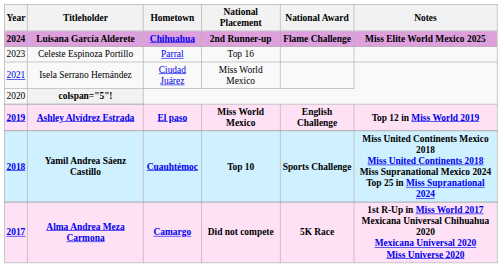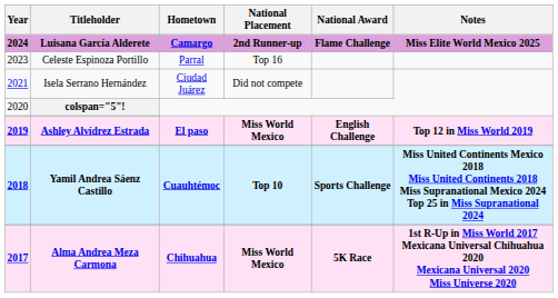 <table class="wikitable" style="text-align:center; font-size:95%; width:90%;">
 <tr>
 <th>Year</th>
 <th>Titleholder</th>
 <th>Hometown</th>
 <th>National Placement</th>
 <th>National Award</th>
 <th>Notes</th>
 </tr>
 <tr style="background-color:#DDA0DD; font-weight: bold">
 <td>2024</td>
 <td>Luisana García Alderete</td>
-<td><a href='#'>Chihuahua</a></td>
+<td><a href='#'>Camargo</a></td>
 <td>2nd Runner-up</td>
 <td>Flame Challenge</td>
 <td>Miss Elite World Mexico 2025</td>
 </tr>
 <tr>
 <td>2023</td>
 <td>Celeste Espinoza Portillo</td>
 <td><a href='#'>Parral</a></td>
 <td>Top 16</td>
 <td></td>
 <td></td>
 </tr>
 <tr>
 <td><a href='#'>2021</a></td>
 <td>Isela Serrano Hernández</td>
 <td><a href='#'>Ciudad Juárez</a></td>
-<td>Miss World Mexico</td>
+<td>Did not compete</td>
 <td></td>
 </tr>
 <tr>
 <td>2020</td>
 <th>colspan="5"!</th>
 </tr>
 <tr>
 </tr>
 <tr style="background-color:#FFE1F5; font-weight: bold">
 <td><a href='#'>2019</a></td>
 <td><a href='#'>Ashley Alvídrez Estrada</a></td>
 <td><a href='#'>El paso</a></td>
 <td>Miss World Mexico</td>
 <td>English Challenge</td>
 <td>Top 12 in <a href='#'>Miss World 2019</a></td>
 </tr>
 <tr>
 </tr>
 <tr style="background-color:#CFF0FF; font-weight: bold">
 <td><a href='#'>2018</a></td>
 <td>Yamil Andrea Sáenz Castillo</td>
 <td><a href='#'>Cuauhtémoc</a></td>
 <td>Top 10</td>
 <td>Sports Challenge</td>
 <td>Miss United Continents Mexico 2018<br><a href='#'>Miss United Continents 2018</a><br>Miss Supranational Mexico 2024<br>Top 25 in <a href='#'>Miss Supranational 2024</a></td>
 </tr>
 <tr>
 </tr>
 <tr style="background-color:#FFE1F5; font-weight: bold">
 <td><a href='#'>2017</a></td>
 <td><a href='#'>Alma Andrea Meza Carmona</a></td>
-<td><a href='#'>Camargo</a></td>
-<td>Did not compete</td>
+<td><a href='#'>Chihuahua</a></td>
+<td>Miss World Mexico</td>
 <td>5K Race</td>
 <td>1st R-Up in <a href='#'>Miss World 2017</a><br>Mexicana Universal Chihuahua 2020<br><a href='#'>Mexicana Universal 2020</a><br><a href='#'>Miss Universe 2020</a></td>
 </tr>
 </table>
